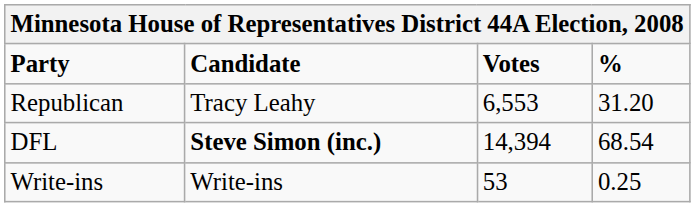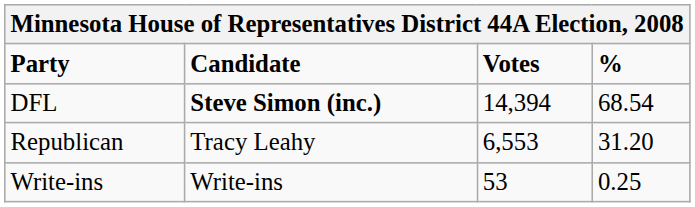 <table class="wikitable">
 <tr>
 <th colspan="4">Minnesota House of Representatives District 44A Election, 2008</th>
 </tr>
 <tr>
 <td><strong>Party</strong></td>
 <td><strong>Candidate</strong></td>
 <td><strong>Votes</strong></td>
 <td><strong>%</strong></td>
 </tr>
 <tr>
+<td>DFL</td>
+<td><strong>Steve Simon (inc.)</strong></td>
+<td>14,394</td>
+<td>68.54</td>
+</tr>
+<tr>
 <td>Republican</td>
 <td>Tracy Leahy</td>
 <td>6,553</td>
 <td>31.20</td>
-</tr>
-<tr>
-<td>DFL</td>
-<td><strong>Steve Simon (inc.)</strong></td>
-<td>14,394</td>
-<td>68.54</td>
 </tr>
 <tr>
 <td>Write-ins</td>
 <td>Write-ins</td>
 <td>53</td>
 <td>0.25</td>
 </tr>
 </table>
